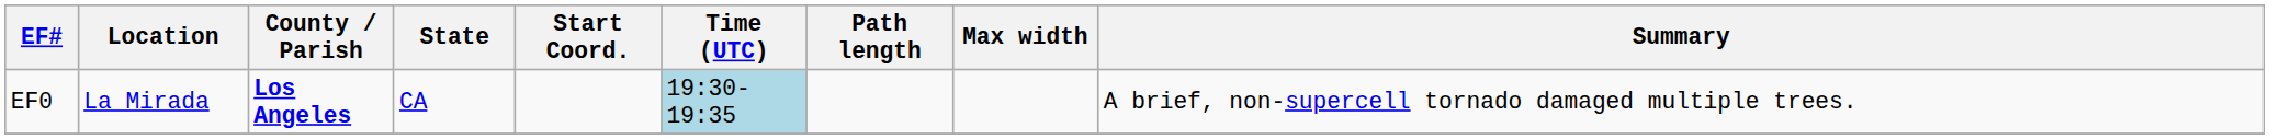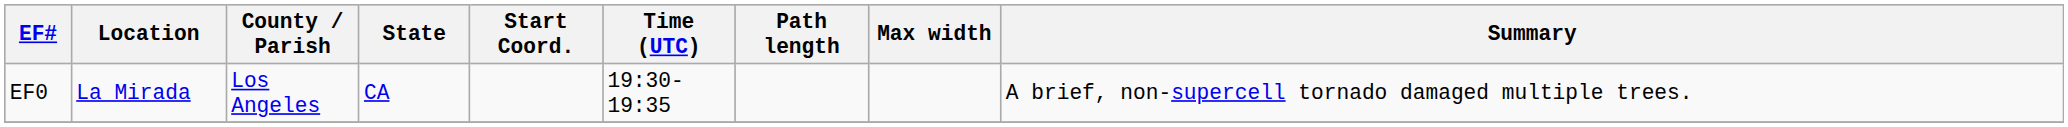 <table class="wikitable sortable" style="width:100%;">
 <tr>
 <th scope="col"  style="width:3%; text-align:center;"><a href='#'>EF#</a></th>
 <th scope="col"  style="width:7%; text-align:center;" class="unsortable">Location</th>
 <th scope="col"  style="width:6%; text-align:center;" class="unsortable">County / Parish</th>
 <th scope="col"  style="width:5%; text-align:center;">State</th>
 <th scope="col"  style="width:6%; text-align:center;">Start Coord.</th>
 <th scope="col"  style="width:6%; text-align:center;">Time (<a href='#'>UTC</a>)</th>
 <th scope="col"  style="width:6%; text-align:center;">Path length</th>
 <th scope="col"  style="width:6%; text-align:center;">Max width</th>
 <th scope="col" class="unsortable" style="width:48%; text-align:center;">Summary</th>
 </tr>
 <tr>
 <td>EF0</td>
 <td><a href='#'>La Mirada</a></td>
-<td><strong><a href='#'>Los Angeles</a></strong></td>
+<td><a href='#'>Los Angeles</a></td>
 <td><a href='#'>CA</a></td>
 <td></td>
-<td style="background: lightblue;">19:30-19:35</td>
+<td>19:30-19:35</td>
 <td></td>
 <td></td>
 <td>A brief, non-<a href='#'>supercell</a> tornado damaged multiple trees.</td>
 </tr>
 <tr>
 </tr>
 </table>
